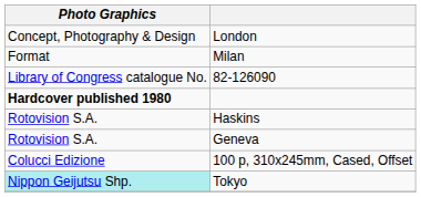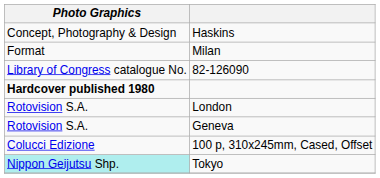 <table class="wikitable">
 <tr>
 <th><em>Photo Graphics</em></th>
 <th></th>
 </tr>
 <tr>
 <td>Concept, Photography & Design</td>
-<td>London</td>
+<td>Haskins</td>
 </tr>
 <tr>
 <td>Format</td>
 <td>Milan</td>
 </tr>
 <tr>
 <td><a href='#'>Library of Congress</a> catalogue No.</td>
 <td>82-126090</td>
 </tr>
 <tr>
 <td><strong>Hardcover published 1980</strong></td>
 </tr>
 <tr>
 <td><a href='#'>Rotovision</a> S.A.</td>
-<td>Haskins</td>
+<td>London</td>
 </tr>
 <tr>
 <td><a href='#'>Rotovision</a> S.A.</td>
 <td>Geneva</td>
 </tr>
 <tr>
 <td><a href='#'>Colucci Edizione</a></td>
 <td>100 p, 310x245mm, Cased, Offset</td>
 </tr>
 <tr>
 <td style="background: paleturquoise;"><a href='#'>Nippon Geijutsu</a> Shp.</td>
 <td>Tokyo</td>
 </tr>
 <tr>
 </tr>
 </table>
